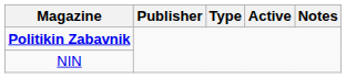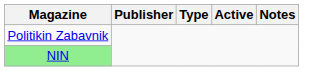 <table class="wikitable sortable" style="text-align:center">
 <tr>
 <th>Magazine</th>
 <th>Publisher</th>
 <th>Type</th>
 <th>Active</th>
 <th>Notes</th>
 </tr>
 <tr>
-<td><strong><a href='#'>Politikin Zabavnik</a></strong></td>
+<td><a href='#'>Politikin Zabavnik</a></td>
 </tr>
 <tr>
-<td><a href='#'>NIN</a></td>
+<td style="background: lightgreen;"><a href='#'>NIN</a></td>
 </tr>
 </table>
